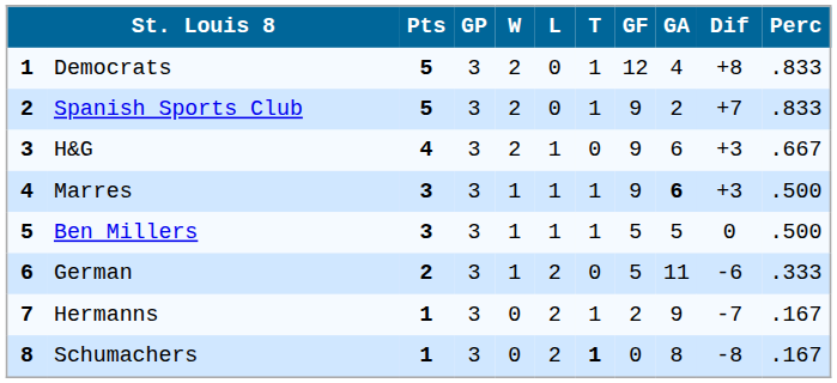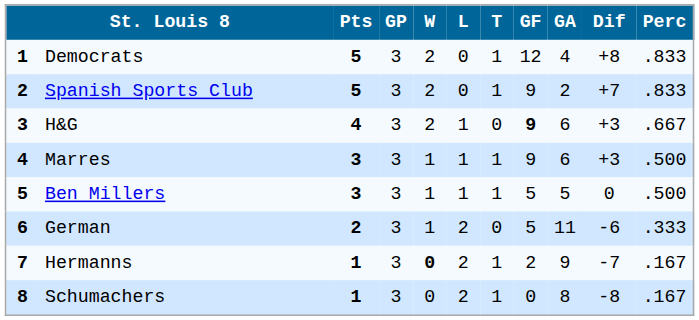 <table align=center width=50% cellpadding="4" cellspacing="0" style="background: #f9f9f9; border: 1px #aaa solid; border-collapse: collapse; font-size: 90%;">
 <tr align=center bgcolor=#006699 style="color:white;">
 <th width=50% colspan=2>St. Louis 8</th>
 <th width=5%>Pts</th>
 <th width=5%>GP</th>
 <th width=5%>W</th>
 <th width=5%>L</th>
 <th width=5%>T</th>
 <th width=5%>GF</th>
 <th width=5%>GA</th>
 <th width=8%>Dif</th>
 <th width=10%>Perc</th>
 </tr>
 <tr align=center bgcolor=#F5FAFF>
 <td><strong>1</strong></td>
 <td align=left>Democrats</td>
 <td><strong>5</strong></td>
 <td>3</td>
 <td>2</td>
 <td>0</td>
 <td>1</td>
 <td>12</td>
 <td>4</td>
 <td>+8</td>
 <td>.833</td>
 </tr>
 <tr align=center bgcolor=#D0E7FF>
 <td><strong>2</strong></td>
 <td align=left><a href='#'>Spanish Sports Club</a></td>
 <td><strong>5</strong></td>
 <td>3</td>
 <td>2</td>
 <td>0</td>
 <td>1</td>
 <td>9</td>
 <td>2</td>
 <td>+7</td>
 <td>.833</td>
 </tr>
 <tr align=center bgcolor=#F5FAFF>
 <td><strong>3</strong></td>
 <td align=left>H&G</td>
 <td><strong>4</strong></td>
 <td>3</td>
 <td>2</td>
 <td>1</td>
 <td>0</td>
-<td>9</td>
+<td><strong>9</strong></td>
 <td>6</td>
 <td>+3</td>
 <td>.667</td>
 </tr>
 <tr align=center bgcolor=#D0E7FF>
 <td><strong>4</strong></td>
 <td align=left>Marres</td>
 <td><strong>3</strong></td>
 <td>3</td>
 <td>1</td>
 <td>1</td>
 <td>1</td>
 <td>9</td>
-<td><strong>6</strong></td>
+<td>6</td>
 <td>+3</td>
 <td>.500</td>
 </tr>
 <tr align=center bgcolor=#F5FAFF>
 <td><strong>5</strong></td>
 <td align=left><a href='#'>Ben Millers</a></td>
 <td><strong>3</strong></td>
 <td>3</td>
 <td>1</td>
 <td>1</td>
 <td>1</td>
 <td>5</td>
 <td>5</td>
 <td>0</td>
 <td>.500</td>
 </tr>
 <tr align=center bgcolor=#D0E7FF>
 <td><strong>6</strong></td>
 <td align=left>German</td>
 <td><strong>2</strong></td>
 <td>3</td>
 <td>1</td>
 <td>2</td>
 <td>0</td>
 <td>5</td>
 <td>11</td>
 <td>-6</td>
 <td>.333</td>
 </tr>
 <tr align=center bgcolor=#F5FAFF>
 <td><strong>7</strong></td>
 <td align=left>Hermanns</td>
 <td><strong>1</strong></td>
 <td>3</td>
-<td>0</td>
+<td><strong>0</strong></td>
 <td>2</td>
 <td>1</td>
 <td>2</td>
 <td>9</td>
 <td>-7</td>
 <td>.167</td>
 </tr>
 <tr align=center bgcolor=#D0E7FF>
 <td><strong>8</strong></td>
 <td align=left>Schumachers</td>
 <td><strong>1</strong></td>
 <td>3</td>
 <td>0</td>
 <td>2</td>
-<td><strong>1</strong></td>
+<td>1</td>
 <td>0</td>
 <td>8</td>
 <td>-8</td>
 <td>.167</td>
 </tr>
 </table>
